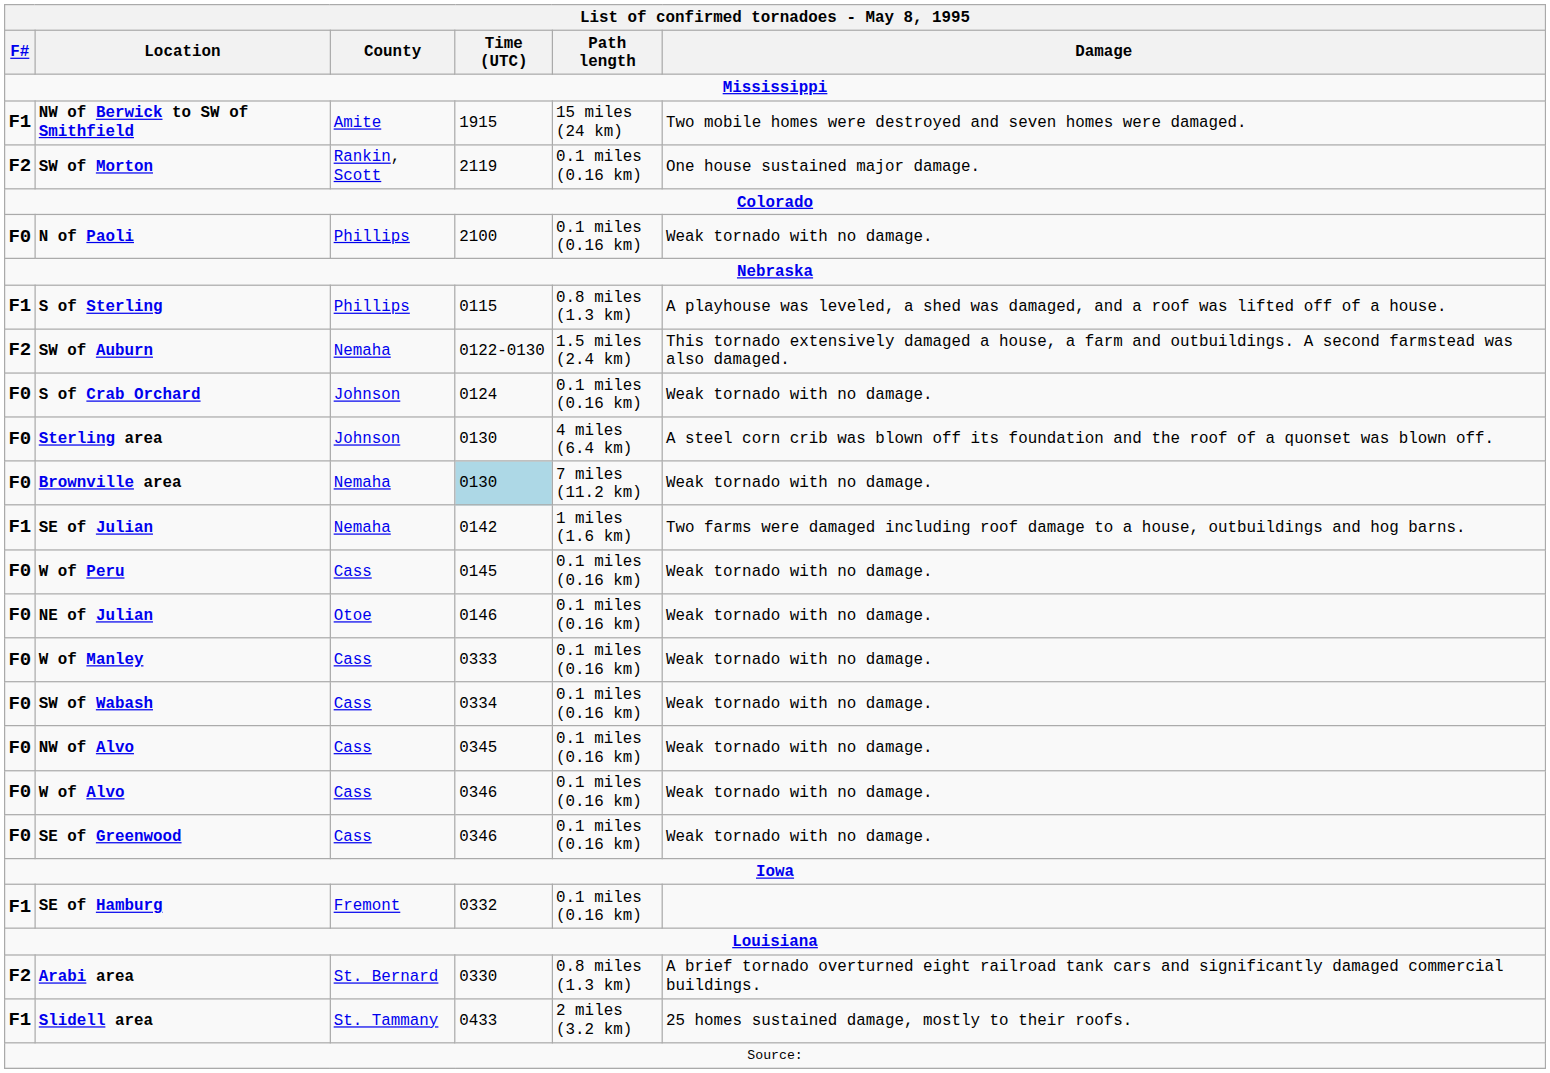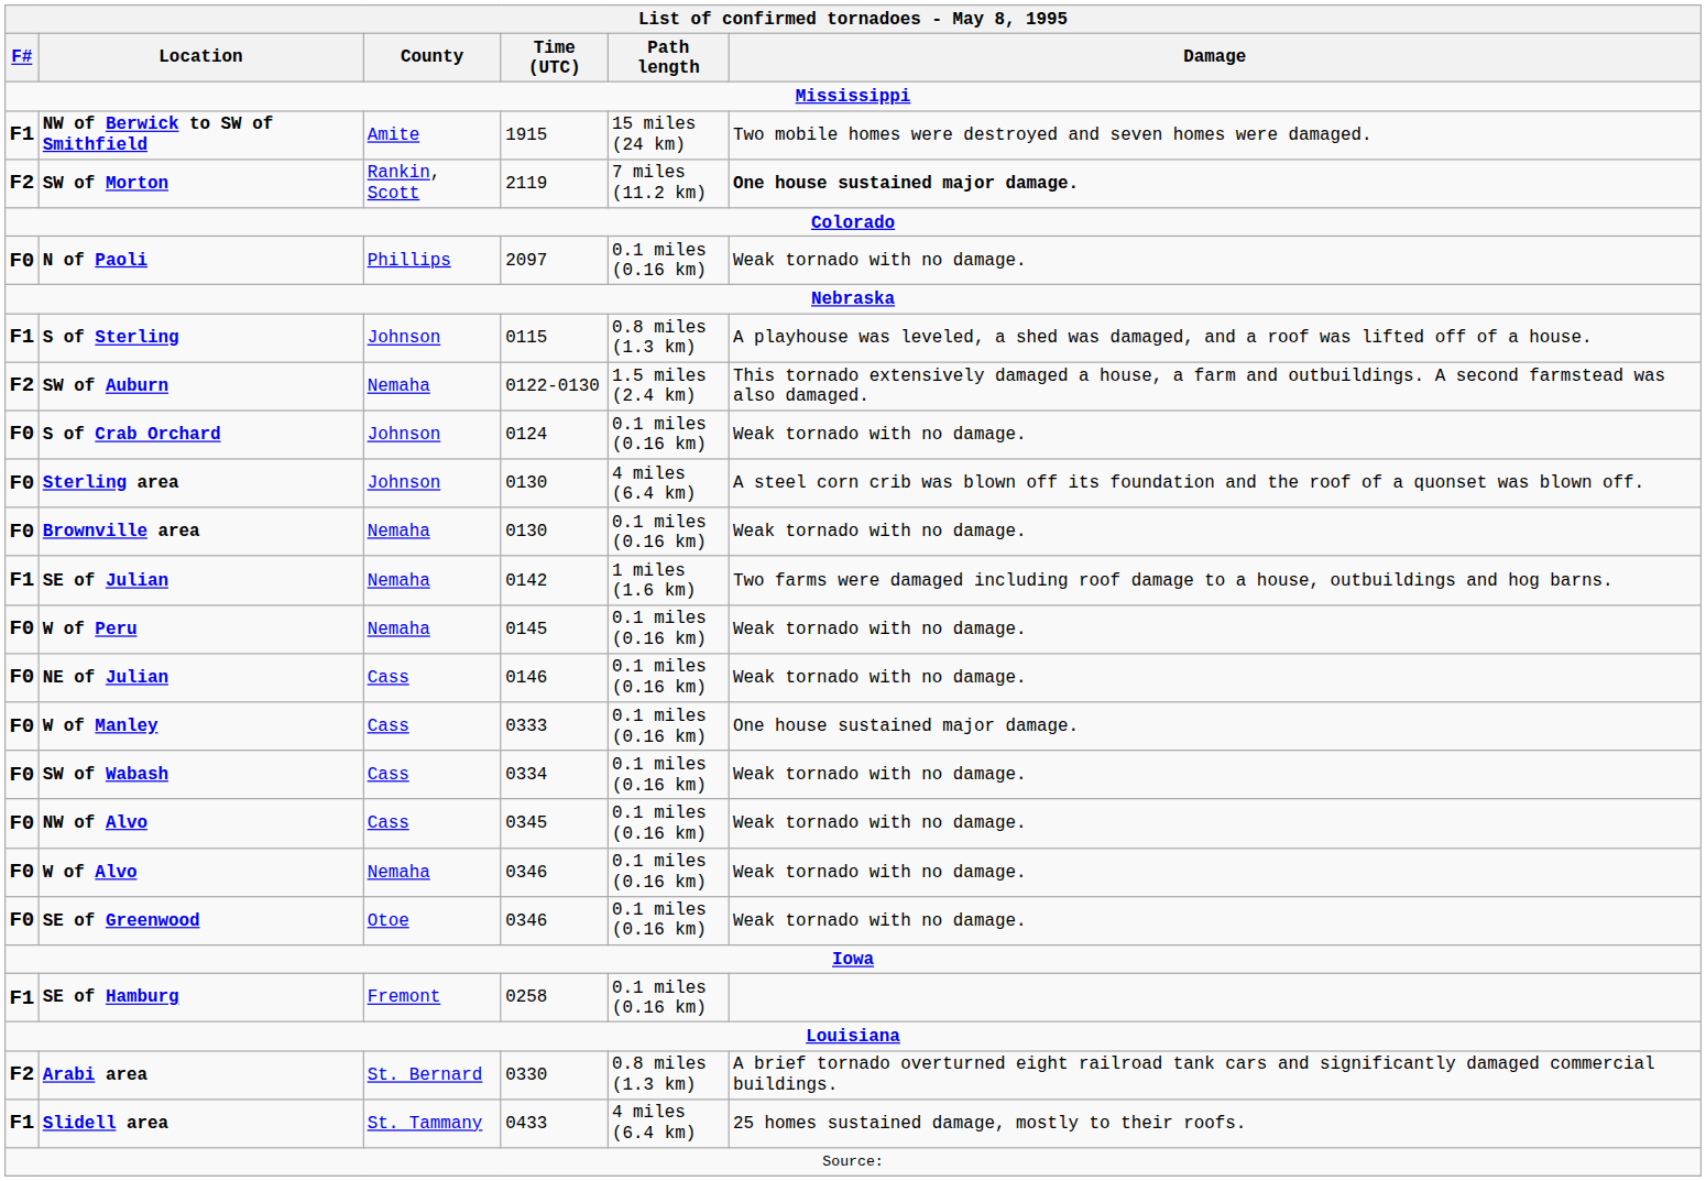 <table class="wikitable collapsible" width="100%">
 <tr>
 <th colspan="6">List of confirmed tornadoes - May 8, 1995</th>
 </tr>
 <tr>
 <th><a href='#'>F#</a></th>
 <th>Location</th>
 <th>County</th>
 <th>Time (UTC)</th>
 <th>Path length</th>
 <th>Damage</th>
 </tr>
 <tr>
 <td colspan="7" align=center><strong><a href='#'>Mississippi</a></strong></td>
 </tr>
 <tr>
 <td><big><strong>F1</strong></big></td>
 <td><strong>NW of <a href='#'>Berwick</a> to SW of <a href='#'>Smithfield</a></strong></td>
 <td><a href='#'>Amite</a></td>
 <td>1915</td>
 <td>15 miles <br> (24 km)</td>
 <td>Two mobile homes were destroyed and seven homes were damaged.</td>
 </tr>
 <tr>
 <td><big><strong>F2</strong></big></td>
 <td><strong>SW of <a href='#'>Morton</a></strong></td>
 <td><a href='#'>Rankin</a>, <a href='#'>Scott</a></td>
 <td>2119</td>
-<td>0.1 miles <br> (0.16 km)</td>
-<td>One house sustained major damage.</td>
+<td>7 miles <br> (11.2 km)</td>
+<td><strong>One house sustained major damage.</strong></td>
 </tr>
 <tr>
 <td colspan="7" align=center><strong><a href='#'>Colorado</a></strong></td>
 </tr>
 <tr>
 <td><big><strong>F0</strong></big></td>
 <td><strong>N of <a href='#'>Paoli</a></strong></td>
 <td><a href='#'>Phillips</a></td>
-<td>2100</td>
+<td>2097</td>
 <td>0.1 miles <br> (0.16 km)</td>
 <td>Weak tornado with no damage.</td>
 </tr>
 <tr>
 <td colspan="7" align=center><strong><a href='#'>Nebraska</a></strong></td>
 </tr>
 <tr>
 <td><big><strong>F1</strong></big></td>
 <td><strong>S of <a href='#'>Sterling</a></strong></td>
-<td><a href='#'>Phillips</a></td>
+<td><a href='#'>Johnson</a></td>
 <td>0115</td>
 <td>0.8 miles <br> (1.3 km)</td>
 <td>A playhouse was leveled, a shed was damaged, and a roof was lifted off of a house.</td>
 </tr>
 <tr>
 <td><big><strong>F2</strong></big></td>
 <td><strong>SW of <a href='#'>Auburn</a></strong></td>
 <td><a href='#'>Nemaha</a></td>
 <td>0122-0130</td>
 <td>1.5 miles <br> (2.4 km)</td>
 <td>This tornado extensively damaged a house, a farm and outbuildings. A second farmstead was also damaged.</td>
 </tr>
 <tr>
 <td><big><strong>F0</strong></big></td>
 <td><strong>S of <a href='#'>Crab Orchard</a></strong></td>
 <td><a href='#'>Johnson</a></td>
 <td>0124</td>
 <td>0.1 miles <br> (0.16 km)</td>
 <td>Weak tornado with no damage.</td>
 </tr>
 <tr>
 <td><big><strong>F0</strong></big></td>
 <td><strong><a href='#'>Sterling</a> area</strong></td>
 <td><a href='#'>Johnson</a></td>
 <td>0130</td>
 <td>4 miles <br> (6.4 km)</td>
 <td>A steel corn crib was blown off its foundation and the roof of a quonset was blown off.</td>
 </tr>
 <tr>
 <td><big><strong>F0</strong></big></td>
 <td><strong><a href='#'>Brownville</a> area</strong></td>
 <td><a href='#'>Nemaha</a></td>
-<td style="background: lightblue;">0130</td>
-<td>7 miles <br> (11.2 km)</td>
+<td>0130</td>
+<td>0.1 miles <br> (0.16 km)</td>
 <td>Weak tornado with no damage.</td>
 </tr>
 <tr>
 <td><big><strong>F1</strong></big></td>
 <td><strong>SE of <a href='#'>Julian</a></strong></td>
 <td><a href='#'>Nemaha</a></td>
 <td>0142</td>
 <td>1 miles <br> (1.6 km)</td>
 <td>Two farms were damaged including roof damage to a house, outbuildings and hog barns.</td>
 </tr>
 <tr>
 <td><big><strong>F0</strong></big></td>
 <td><strong>W of <a href='#'>Peru</a></strong></td>
-<td><a href='#'>Cass</a></td>
+<td><a href='#'>Nemaha</a></td>
 <td>0145</td>
 <td>0.1 miles <br> (0.16 km)</td>
 <td>Weak tornado with no damage.</td>
 </tr>
 <tr>
 <td><big><strong>F0</strong></big></td>
 <td><strong>NE of <a href='#'>Julian</a></strong></td>
-<td><a href='#'>Otoe</a></td>
+<td><a href='#'>Cass</a></td>
 <td>0146</td>
 <td>0.1 miles <br> (0.16 km)</td>
 <td>Weak tornado with no damage.</td>
 </tr>
 <tr>
 <td><big><strong>F0</strong></big></td>
 <td><strong>W of <a href='#'>Manley</a></strong></td>
 <td><a href='#'>Cass</a></td>
 <td>0333</td>
 <td>0.1 miles <br> (0.16 km)</td>
-<td>Weak tornado with no damage.</td>
+<td>One house sustained major damage.</td>
 </tr>
 <tr>
 <td><big><strong>F0</strong></big></td>
 <td><strong>SW of <a href='#'>Wabash</a></strong></td>
 <td><a href='#'>Cass</a></td>
 <td>0334</td>
 <td>0.1 miles <br> (0.16 km)</td>
 <td>Weak tornado with no damage.</td>
 </tr>
 <tr>
 <td><big><strong>F0</strong></big></td>
 <td><strong>NW of <a href='#'>Alvo</a></strong></td>
 <td><a href='#'>Cass</a></td>
 <td>0345</td>
 <td>0.1 miles <br> (0.16 km)</td>
 <td>Weak tornado with no damage.</td>
 </tr>
 <tr>
 <td><big><strong>F0</strong></big></td>
 <td><strong>W of <a href='#'>Alvo</a></strong></td>
-<td><a href='#'>Cass</a></td>
+<td><a href='#'>Nemaha</a></td>
 <td>0346</td>
 <td>0.1 miles <br> (0.16 km)</td>
 <td>Weak tornado with no damage.</td>
 </tr>
 <tr>
 <td><big><strong>F0</strong></big></td>
 <td><strong>SE of <a href='#'>Greenwood</a></strong></td>
-<td><a href='#'>Cass</a></td>
+<td><a href='#'>Otoe</a></td>
 <td>0346</td>
 <td>0.1 miles <br> (0.16 km)</td>
 <td>Weak tornado with no damage.</td>
 </tr>
 <tr>
 <td colspan="7" align=center><strong><a href='#'>Iowa</a></strong></td>
 </tr>
 <tr>
 <td><big><strong>F1</strong></big></td>
 <td><strong>SE of <a href='#'>Hamburg</a></strong></td>
 <td><a href='#'>Fremont</a></td>
-<td>0332</td>
+<td>0258</td>
 <td>0.1 miles <br> (0.16 km)</td>
 <td></td>
 </tr>
 <tr>
 <td colspan="7" align=center><strong><a href='#'>Louisiana</a></strong></td>
 </tr>
 <tr>
 <td><big><strong>F2</strong></big></td>
 <td><strong><a href='#'>Arabi</a> area</strong></td>
 <td><a href='#'>St. Bernard</a></td>
 <td>0330</td>
 <td>0.8 miles <br> (1.3 km)</td>
 <td>A brief tornado overturned eight railroad tank cars and significantly damaged commercial buildings.</td>
 </tr>
 <tr>
 <td><big><strong>F1</strong></big></td>
 <td><strong><a href='#'>Slidell</a> area</strong></td>
 <td><a href='#'>St. Tammany</a></td>
 <td>0433</td>
-<td>2 miles <br> (3.2 km)</td>
+<td>4 miles <br> (6.4 km)</td>
 <td>25 homes sustained damage, mostly to their roofs.</td>
 </tr>
 <tr>
 <td colspan="7" align=center><small>Source:  </small></td>
 </tr>
 <tr>
 </tr>
 </table>
